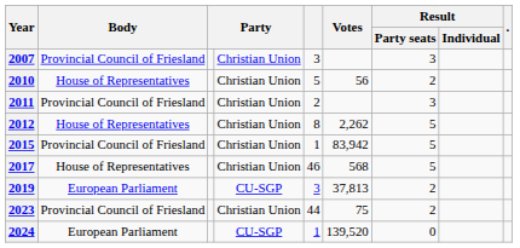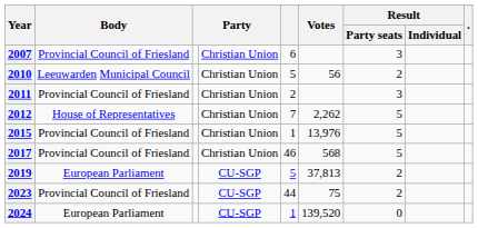 <table class="wikitable plainrowheaders sortable" border=2 cellpadding=4 cellspacing=0 style="border: 1px #aaa solid; font-size: 90%; text-align:center;">
 <tr>
 <th scope="col" rowspan=2>Year</th>
 <th scope="col" rowspan=2>Body</th>
 <th scope="col" colspan=2 rowspan=2>Party</th>
 <th scope="col" rowspan=2></th>
 <th scope="col" rowspan=2>Votes</th>
 <th scope="colgroup" colspan=2>Result</th>
 <th scope="col" rowspan=2>.</th>
 </tr>
 <tr>
 <th scope="col">Party seats</th>
 <th scope="col">Individual</th>
 </tr>
 <tr>
 <th scope="row"><a href='#'>2007</a></th>
 <td><a href='#'>Provincial Council of Friesland</a></td>
 <td style="background-color:"></td>
 <td><a href='#'>Christian Union</a></td>
-<td style=text-align:right>3</td>
+<td style=text-align:right>6</td>
 <td style=text-align:right></td>
 <td style=text-align:right>3</td>
 <td></td>
 <td></td>
 </tr>
 <tr>
 <th scope="row"><a href='#'>2010</a></th>
-<td><a href='#'>House of Representatives</a></td>
+<td><a href='#'>Leeuwarden</a> <a href='#'>Municipal Council</a></td>
 <td style="background-color:"></td>
 <td>Christian Union</td>
 <td style=text-align:right>5</td>
 <td style=text-align:right>56</td>
 <td style=text-align:right>2</td>
 <td></td>
 <td></td>
 </tr>
 <tr>
 <th scope="row"><a href='#'>2011</a></th>
 <td>Provincial Council of Friesland</td>
 <td style="background-color:"></td>
 <td>Christian Union</td>
 <td style=text-align:right>2</td>
 <td style=text-align:right></td>
 <td style=text-align:right>3</td>
 <td></td>
 <td></td>
 </tr>
 <tr>
 <th scope="row"><a href='#'>2012</a></th>
 <td><a href='#'>House of Representatives</a></td>
 <td style="background-color:"></td>
 <td>Christian Union</td>
-<td style=text-align:right>8</td>
+<td style=text-align:right>7</td>
 <td style=text-align:right>2,262</td>
 <td style=text-align:right>5</td>
 <td></td>
 <td></td>
 </tr>
 <tr>
 <th scope="row"><a href='#'>2015</a></th>
 <td>Provincial Council of Friesland</td>
 <td style="background-color:"></td>
 <td>Christian Union</td>
 <td style=text-align:right>1</td>
-<td style=text-align:right>83,942</td>
+<td style=text-align:right>13,976</td>
 <td style=text-align:right>5</td>
 <td></td>
 <td></td>
 </tr>
 <tr>
 <th scope="row"><a href='#'>2017</a></th>
-<td>House of Representatives</td>
+<td>Provincial Council of Friesland</td>
 <td style="background-color:"></td>
 <td>Christian Union</td>
 <td style=text-align:right>46</td>
 <td style=text-align:right>568</td>
 <td style=text-align:right>5</td>
 <td></td>
 <td></td>
 </tr>
 <tr>
 <th scope="row"><a href='#'>2019</a></th>
 <td><a href='#'>European Parliament</a></td>
 <td style="background-color:"></td>
 <td><a href='#'>CU-SGP</a></td>
-<td style=text-align:right><a href='#'>3</a></td>
+<td style=text-align:right><a href='#'>5</a></td>
 <td style=text-align:right>37,813</td>
 <td style=text-align:right>2</td>
 <td></td>
 <td></td>
 </tr>
 <tr>
 <th scope="row"><a href='#'>2023</a></th>
 <td>Provincial Council of Friesland</td>
 <td style="background-color:"></td>
-<td>Christian Union</td>
+<td><a href='#'>CU-SGP</a></td>
 <td style=text-align:right>44</td>
 <td style=text-align:right>75</td>
 <td style=text-align:right>2</td>
 <td></td>
 <td></td>
 </tr>
 <tr>
 <th scope="row"><a href='#'>2024</a></th>
 <td>European Parliament</td>
 <td style="background-color:"></td>
 <td><a href='#'>CU-SGP</a></td>
 <td style=text-align:right><a href='#'>1</a></td>
 <td style=text-align:right>139,520</td>
 <td style=text-align:right>0</td>
 <td></td>
 <td></td>
 </tr>
 </table>
